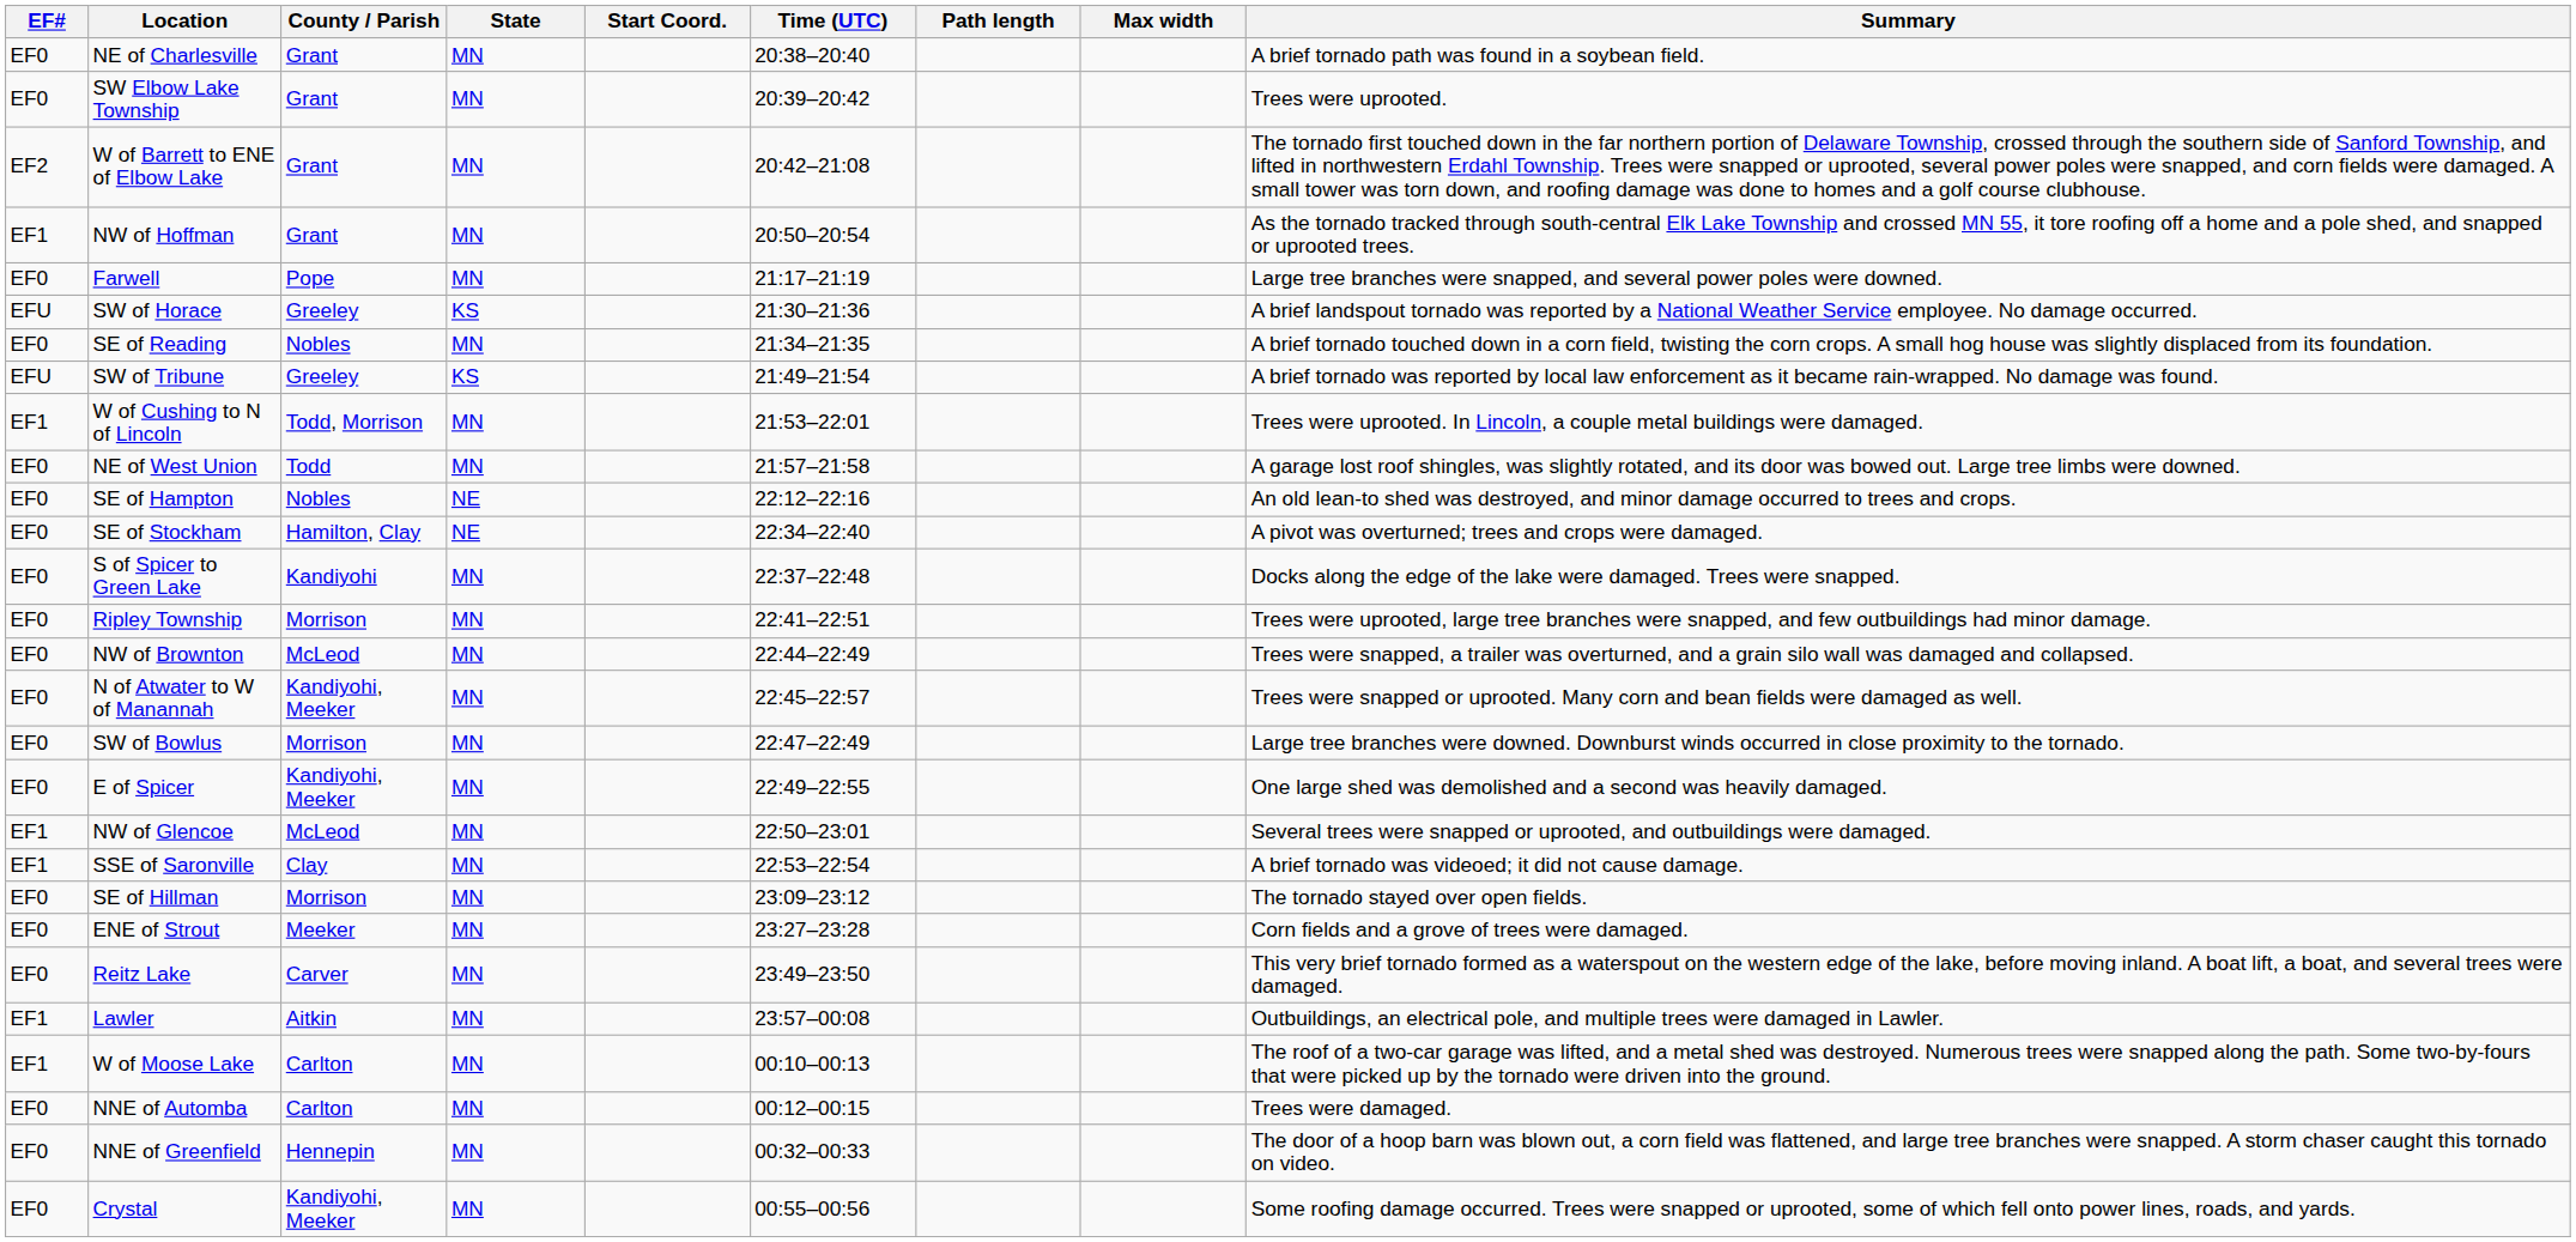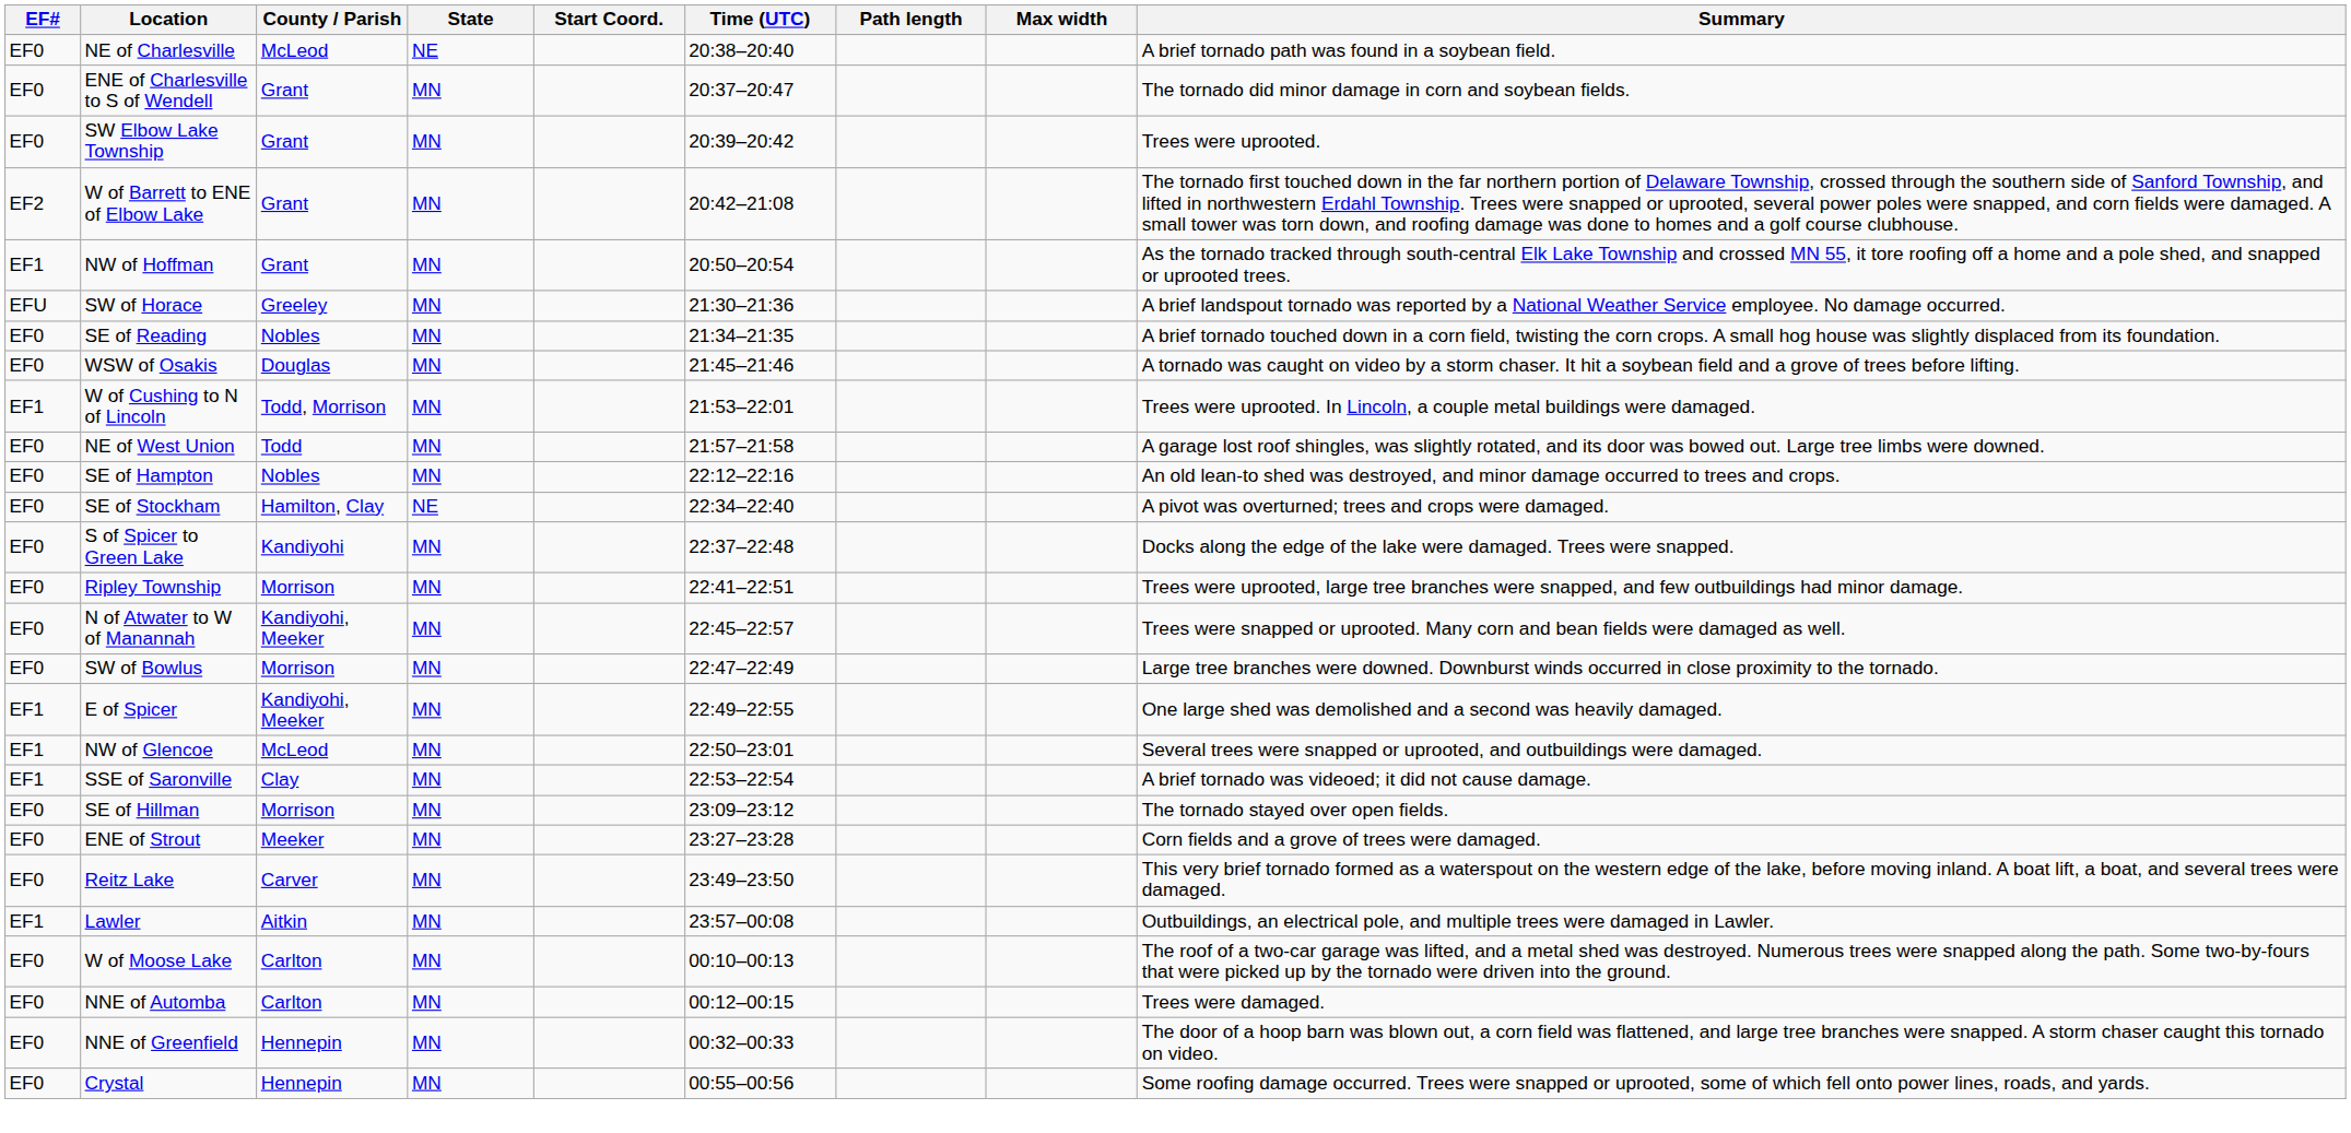 <table class="wikitable sortable" style="width:100%;">
 <tr>
 <th scope="col"  style="width:3%; text-align:center;"><a href='#'>EF#</a></th>
 <th scope="col"  style="width:7%; text-align:center;" class="unsortable">Location</th>
 <th scope="col"  style="width:6%; text-align:center;" class="unsortable">County / Parish</th>
 <th scope="col"  style="width:5%; text-align:center;">State</th>
 <th scope="col"  style="width:6%; text-align:center;">Start Coord.</th>
 <th scope="col"  style="width:6%; text-align:center;">Time (<a href='#'>UTC</a>)</th>
 <th scope="col"  style="width:6%; text-align:center;">Path length</th>
 <th scope="col"  style="width:6%; text-align:center;">Max width</th>
 <th scope="col" class="unsortable" style="width:48%; text-align:center;">Summary</th>
 </tr>
 <tr>
 <td>EF0</td>
 <td>NE of <a href='#'>Charlesville</a></td>
-<td><a href='#'>Grant</a></td>
-<td><a href='#'>MN</a></td>
+<td><a href='#'>McLeod</a></td>
+<td><a href='#'>NE</a></td>
 <td></td>
 <td>20:38–20:40</td>
 <td></td>
 <td></td>
 <td>A brief tornado path was found in a soybean field.</td>
+</tr>
+<tr>
+<td>EF0</td>
+<td>ENE of <a href='#'>Charlesville</a> to S of <a href='#'>Wendell</a></td>
+<td><a href='#'>Grant</a></td>
+<td><a href='#'>MN</a></td>
+<td></td>
+<td>20:37–20:47</td>
+<td></td>
+<td></td>
+<td>The tornado did minor damage in corn and soybean fields.</td>
 </tr>
 <tr>
 <td>EF0</td>
 <td>SW <a href='#'>Elbow Lake Township</a></td>
 <td><a href='#'>Grant</a></td>
 <td><a href='#'>MN</a></td>
 <td></td>
 <td>20:39–20:42</td>
 <td></td>
 <td></td>
 <td>Trees were uprooted.</td>
 </tr>
 <tr>
 <td>EF2</td>
 <td>W of <a href='#'>Barrett</a> to ENE of <a href='#'>Elbow Lake</a></td>
 <td><a href='#'>Grant</a></td>
 <td><a href='#'>MN</a></td>
 <td></td>
 <td>20:42–21:08</td>
 <td></td>
 <td></td>
 <td>The tornado first touched down in the far northern portion of <a href='#'>Delaware Township</a>, crossed through the southern side of <a href='#'>Sanford Township</a>, and lifted in northwestern <a href='#'>Erdahl Township</a>. Trees were snapped or uprooted, several power poles were snapped, and corn fields were damaged. A small tower was torn down, and roofing damage was done to homes and a golf course clubhouse.</td>
 </tr>
 <tr>
 <td>EF1</td>
 <td>NW of <a href='#'>Hoffman</a></td>
 <td><a href='#'>Grant</a></td>
 <td><a href='#'>MN</a></td>
 <td></td>
 <td>20:50–20:54</td>
 <td></td>
 <td></td>
 <td>As the tornado tracked through south-central <a href='#'>Elk Lake Township</a> and crossed <a href='#'>MN 55</a>, it tore roofing off a home and a pole shed, and snapped or uprooted trees.</td>
 </tr>
 <tr>
-<td>EF0</td>
-<td><a href='#'>Farwell</a></td>
-<td><a href='#'>Pope</a></td>
-<td><a href='#'>MN</a></td>
-<td></td>
-<td>21:17–21:19</td>
-<td></td>
-<td></td>
-<td>Large tree branches were snapped, and several power poles were downed.</td>
-</tr>
-<tr>
 <td>EFU</td>
 <td>SW of <a href='#'>Horace</a></td>
 <td><a href='#'>Greeley</a></td>
-<td><a href='#'>KS</a></td>
+<td><a href='#'>MN</a></td>
 <td></td>
 <td>21:30–21:36</td>
 <td></td>
 <td></td>
 <td>A brief landspout tornado was reported by a <a href='#'>National Weather Service</a> employee. No damage occurred.</td>
 </tr>
 <tr>
 <td>EF0</td>
 <td>SE of <a href='#'>Reading</a></td>
 <td><a href='#'>Nobles</a></td>
 <td><a href='#'>MN</a></td>
 <td></td>
 <td>21:34–21:35</td>
 <td></td>
 <td></td>
 <td>A brief tornado touched down in a corn field, twisting the corn crops. A small hog house was slightly displaced from its foundation.</td>
 </tr>
 <tr>
-<td>EFU</td>
-<td>SW of <a href='#'>Tribune</a></td>
-<td><a href='#'>Greeley</a></td>
-<td><a href='#'>KS</a></td>
+<td>EF0</td>
+<td>WSW of <a href='#'>Osakis</a></td>
+<td><a href='#'>Douglas</a></td>
+<td><a href='#'>MN</a></td>
 <td></td>
-<td>21:49–21:54</td>
+<td>21:45–21:46</td>
 <td></td>
 <td></td>
-<td>A brief tornado was reported by local law enforcement as it became rain-wrapped. No damage was found.</td>
+<td>A tornado was caught on video by a storm chaser. It hit a soybean field and a grove of trees before lifting.</td>
 </tr>
 <tr>
 <td>EF1</td>
 <td>W of <a href='#'>Cushing</a> to N of <a href='#'>Lincoln</a></td>
 <td><a href='#'>Todd</a>, <a href='#'>Morrison</a></td>
 <td><a href='#'>MN</a></td>
 <td></td>
 <td>21:53–22:01</td>
 <td></td>
 <td></td>
 <td>Trees were uprooted. In <a href='#'>Lincoln</a>, a couple metal buildings were damaged.</td>
 </tr>
 <tr>
 <td>EF0</td>
 <td>NE of <a href='#'>West Union</a></td>
 <td><a href='#'>Todd</a></td>
 <td><a href='#'>MN</a></td>
 <td></td>
 <td>21:57–21:58</td>
 <td></td>
 <td></td>
 <td>A garage lost roof shingles, was slightly rotated, and its door was bowed out. Large tree limbs were downed.</td>
 </tr>
 <tr>
 <td>EF0</td>
 <td>SE of <a href='#'>Hampton</a></td>
 <td><a href='#'>Nobles</a></td>
-<td><a href='#'>NE</a></td>
+<td><a href='#'>MN</a></td>
 <td></td>
 <td>22:12–22:16</td>
 <td></td>
 <td></td>
 <td>An old lean-to shed was destroyed, and minor damage occurred to trees and crops.</td>
 </tr>
 <tr>
 <td>EF0</td>
 <td>SE of <a href='#'>Stockham</a></td>
 <td><a href='#'>Hamilton</a>, <a href='#'>Clay</a></td>
 <td><a href='#'>NE</a></td>
 <td></td>
 <td>22:34–22:40</td>
 <td></td>
 <td></td>
 <td>A pivot was overturned; trees and crops were damaged.</td>
 </tr>
 <tr>
 <td>EF0</td>
 <td>S of <a href='#'>Spicer</a> to <a href='#'>Green Lake</a></td>
 <td><a href='#'>Kandiyohi</a></td>
 <td><a href='#'>MN</a></td>
 <td></td>
 <td>22:37–22:48</td>
 <td></td>
 <td></td>
 <td>Docks along the edge of the lake were damaged. Trees were snapped.</td>
 </tr>
 <tr>
 <td>EF0</td>
 <td><a href='#'>Ripley Township</a></td>
 <td><a href='#'>Morrison</a></td>
 <td><a href='#'>MN</a></td>
 <td></td>
 <td>22:41–22:51</td>
 <td></td>
 <td></td>
 <td>Trees were uprooted, large tree branches were snapped, and few outbuildings had minor damage.</td>
 </tr>
 <tr>
 <td>EF0</td>
-<td>NW of <a href='#'>Brownton</a></td>
-<td><a href='#'>McLeod</a></td>
-<td><a href='#'>MN</a></td>
-<td></td>
-<td>22:44–22:49</td>
-<td></td>
-<td></td>
-<td>Trees were snapped, a trailer was overturned, and a grain silo wall was damaged and collapsed.</td>
-</tr>
-<tr>
-<td>EF0</td>
 <td>N of <a href='#'>Atwater</a> to W of <a href='#'>Manannah</a></td>
 <td><a href='#'>Kandiyohi</a>, <a href='#'>Meeker</a></td>
 <td><a href='#'>MN</a></td>
 <td></td>
 <td>22:45–22:57</td>
 <td></td>
 <td></td>
 <td>Trees were snapped or uprooted. Many corn and bean fields were damaged as well.</td>
 </tr>
 <tr>
 <td>EF0</td>
 <td>SW of <a href='#'>Bowlus</a></td>
 <td><a href='#'>Morrison</a></td>
 <td><a href='#'>MN</a></td>
 <td></td>
 <td>22:47–22:49</td>
 <td></td>
 <td></td>
 <td>Large tree branches were downed. Downburst winds occurred in close proximity to the tornado.</td>
 </tr>
 <tr>
-<td>EF0</td>
+<td>EF1</td>
 <td>E of <a href='#'>Spicer</a></td>
 <td><a href='#'>Kandiyohi</a>, <a href='#'>Meeker</a></td>
 <td><a href='#'>MN</a></td>
 <td></td>
 <td>22:49–22:55</td>
 <td></td>
 <td></td>
 <td>One large shed was demolished and a second was heavily damaged.</td>
 </tr>
 <tr>
 <td>EF1</td>
 <td>NW of <a href='#'>Glencoe</a></td>
 <td><a href='#'>McLeod</a></td>
 <td><a href='#'>MN</a></td>
 <td></td>
 <td>22:50–23:01</td>
 <td></td>
 <td></td>
 <td>Several trees were snapped or uprooted, and outbuildings were damaged.</td>
 </tr>
 <tr>
 <td>EF1</td>
 <td>SSE of <a href='#'>Saronville</a></td>
 <td><a href='#'>Clay</a></td>
 <td><a href='#'>MN</a></td>
 <td></td>
 <td>22:53–22:54</td>
 <td></td>
 <td></td>
 <td>A brief tornado was videoed; it did not cause damage.</td>
 </tr>
 <tr>
 <td>EF0</td>
 <td>SE of <a href='#'>Hillman</a></td>
 <td><a href='#'>Morrison</a></td>
 <td><a href='#'>MN</a></td>
 <td></td>
 <td>23:09–23:12</td>
 <td></td>
 <td></td>
 <td>The tornado stayed over open fields.</td>
 </tr>
 <tr>
 <td>EF0</td>
 <td>ENE of <a href='#'>Strout</a></td>
 <td><a href='#'>Meeker</a></td>
 <td><a href='#'>MN</a></td>
 <td></td>
 <td>23:27–23:28</td>
 <td></td>
 <td></td>
 <td>Corn fields and a grove of trees were damaged.</td>
 </tr>
 <tr>
 <td>EF0</td>
 <td><a href='#'>Reitz Lake</a></td>
 <td><a href='#'>Carver</a></td>
 <td><a href='#'>MN</a></td>
 <td></td>
 <td>23:49–23:50</td>
 <td></td>
 <td></td>
 <td>This very brief tornado formed as a waterspout on the western edge of the lake, before moving inland. A boat lift, a boat, and several trees were damaged.</td>
 </tr>
 <tr>
 <td>EF1</td>
 <td><a href='#'>Lawler</a></td>
 <td><a href='#'>Aitkin</a></td>
 <td><a href='#'>MN</a></td>
 <td></td>
 <td>23:57–00:08</td>
 <td></td>
 <td></td>
 <td>Outbuildings, an electrical pole, and multiple trees were damaged in Lawler.</td>
 </tr>
 <tr>
-<td>EF1</td>
+<td>EF0</td>
 <td>W of <a href='#'>Moose Lake</a></td>
 <td><a href='#'>Carlton</a></td>
 <td><a href='#'>MN</a></td>
 <td></td>
 <td>00:10–00:13</td>
 <td></td>
 <td></td>
 <td>The roof of a two-car garage was lifted, and a metal shed was destroyed. Numerous trees were snapped along the path. Some two-by-fours that were picked up by the tornado were driven into the ground.</td>
 </tr>
 <tr>
 <td>EF0</td>
 <td>NNE of <a href='#'>Automba</a></td>
 <td><a href='#'>Carlton</a></td>
 <td><a href='#'>MN</a></td>
 <td></td>
 <td>00:12–00:15</td>
 <td></td>
 <td></td>
 <td>Trees were damaged.</td>
 </tr>
 <tr>
 <td>EF0</td>
 <td>NNE of <a href='#'>Greenfield</a></td>
 <td><a href='#'>Hennepin</a></td>
 <td><a href='#'>MN</a></td>
 <td></td>
 <td>00:32–00:33</td>
 <td></td>
 <td></td>
 <td>The door of a hoop barn was blown out, a corn field was flattened, and large tree branches were snapped. A storm chaser caught this tornado on video.</td>
 </tr>
 <tr>
 <td>EF0</td>
 <td><a href='#'>Crystal</a></td>
-<td><a href='#'>Kandiyohi</a>, <a href='#'>Meeker</a></td>
+<td><a href='#'>Hennepin</a></td>
 <td><a href='#'>MN</a></td>
 <td></td>
 <td>00:55–00:56</td>
 <td></td>
 <td></td>
 <td>Some roofing damage occurred. Trees were snapped or uprooted, some of which fell onto power lines, roads, and yards.</td>
 </tr>
 <tr>
 </tr>
 </table>
